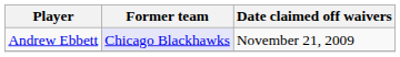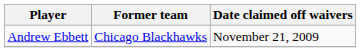 <table class="wikitable">
 <tr>
 <th>Player</th>
 <th>Former team</th>
 <th>Date claimed off waivers</th>
 </tr>
 <tr>
 <td><a href='#'>Andrew Ebbett</a></td>
-<td style="background: lavender;"><a href='#'>Chicago Blackhawks</a></td>
+<td><a href='#'>Chicago Blackhawks</a></td>
 <td>November 21, 2009</td>
 </tr>
 <tr>
 </tr>
 </table>
